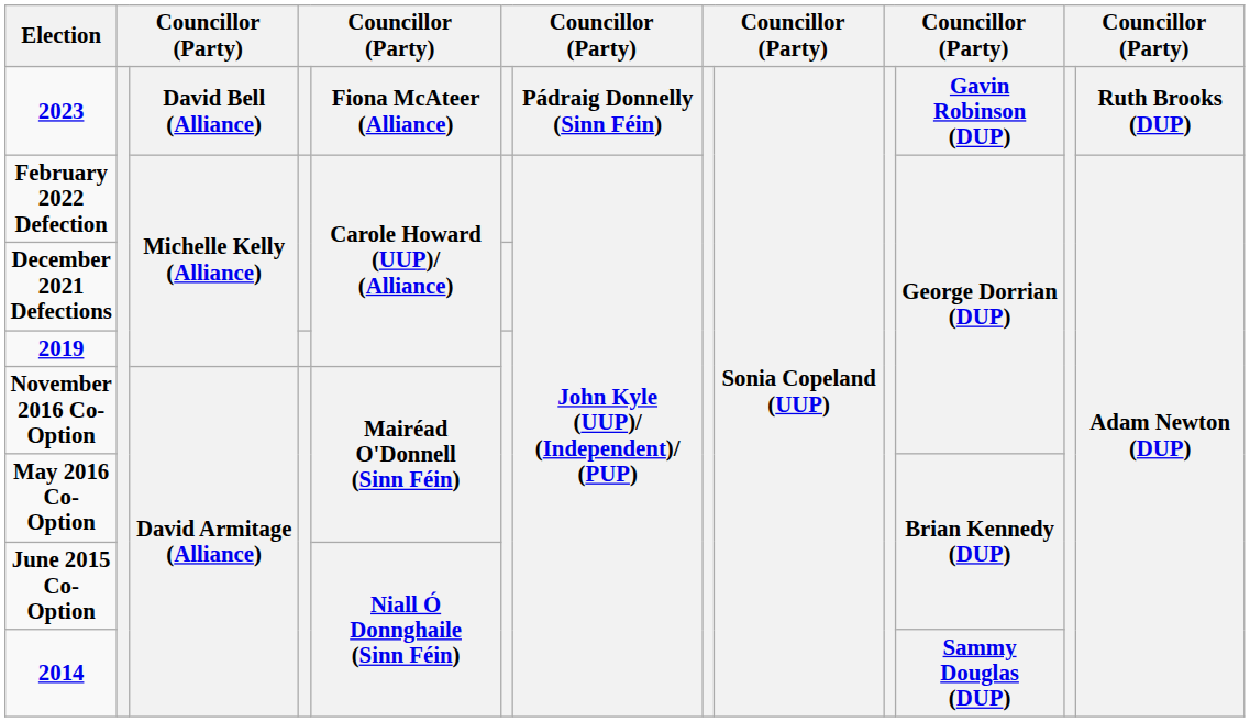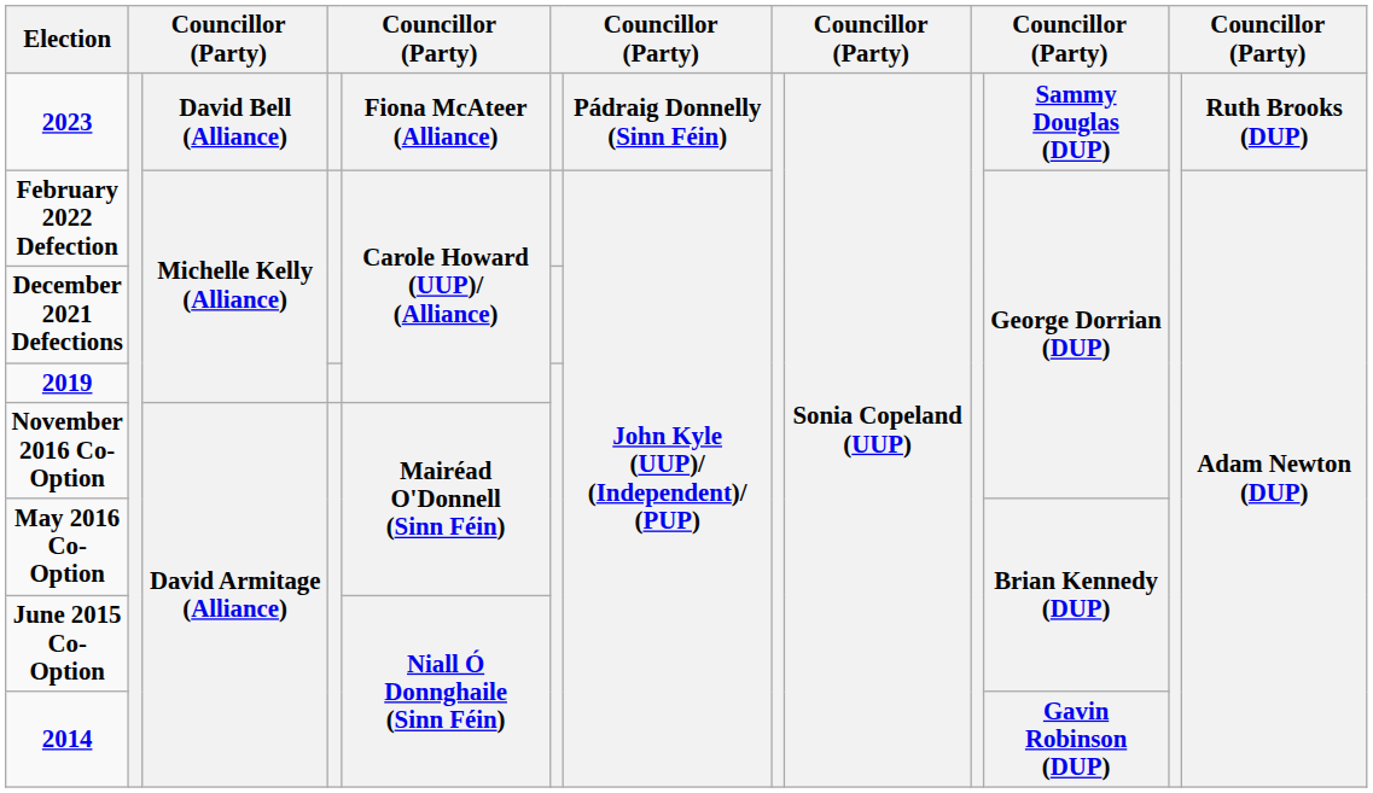 <table class="wikitable" style="text-align:center">
 <tr>
 <th scope="col" width="50">Election</th>
 <th scope="col" width="150" colspan = "2">Councillor<br> (Party)</th>
 <th scope="col" width="150" colspan = "2">Councillor<br> (Party)</th>
 <th scope="col" width="150" colspan = "2">Councillor<br> (Party)</th>
 <th scope="col" width="150" colspan = "2">Councillor<br> (Party)</th>
 <th scope="col" width="150" colspan = "2">Councillor<br> (Party)</th>
 <th scope="col" width="150" colspan = "2">Councillor<br> (Party)</th>
 </tr>
 <tr>
 <td><strong><a href='#'>2023</a></strong></td>
 <th rowspan="8" width="1" style="background-color: "></th>
 <th rowspan="1">David Bell <br> (<a href='#'>Alliance</a>)</th>
 <th rowspan="1" width="1" style="background-color: "></th>
 <th rowspan="1">Fiona McAteer <br> (<a href='#'>Alliance</a>)</th>
 <th rowspan="1" width="1" style="background-color: "></th>
 <th rowspan="1">Pádraig Donnelly <br> (<a href='#'>Sinn Féin</a>)</th>
 <th rowspan="8" width="1" style="background-color: "></th>
 <th rowspan="8">Sonia Copeland <br> (<a href='#'>UUP</a>)</th>
 <th rowspan="8" width="1" style="background-color: "></th>
-<th rowspan = "1"><a href='#'>Gavin Robinson</a> <br> (<a href='#'>DUP</a>)</th>
+<th rowspan="1"><a href='#'>Sammy Douglas</a> <br> (<a href='#'>DUP</a>)</th>
 <th rowspan="8" width="1" style="background-color: "></th>
 <th rowspan="1">Ruth Brooks <br> (<a href='#'>DUP</a>)</th>
 </tr>
 <tr>
 <td><strong>February 2022 Defection</strong></td>
 <th rowspan="3">Michelle Kelly <br> (<a href='#'>Alliance</a>)</th>
 <th rowspan="2" width="1" style="background-color: "></th>
 <th rowspan="3">Carole Howard (<a href='#'>UUP</a>)/ <br> (<a href='#'>Alliance</a>)</th>
 <th rowspan="1" width="1" style="background-color: "></th>
 <th rowspan="7"><a href='#'>John Kyle</a> <br> (<a href='#'>UUP</a>)/ <br> (<a href='#'>Independent</a>)/ <br> (<a href='#'>PUP</a>)</th>
 <th rowspan="4">George Dorrian <br> (<a href='#'>DUP</a>)</th>
 <th rowspan="7">Adam Newton <br> (<a href='#'>DUP</a>)</th>
 </tr>
 <tr>
 <td><strong>December 2021 Defections</strong></td>
 <th rowspan="1" width="1" style="background-color: "></th>
 </tr>
 <tr>
 <td><strong><a href='#'>2019</a></strong></td>
 <th rowspan="1" width="1" style="background-color: "></th>
 <th rowspan="5" width="1" style="background-color: "></th>
 </tr>
 <tr>
 <td><strong>November 2016 Co-Option</strong></td>
 <th rowspan="4">David Armitage <br> (<a href='#'>Alliance</a>)</th>
 <th rowspan="4" width="1" style="background-color: "></th>
 <th rowspan="2">Mairéad O'Donnell <br> (<a href='#'>Sinn Féin</a>)</th>
 </tr>
 <tr>
 <td><strong>May 2016 Co-Option</strong></td>
 <th rowspan = "2">Brian Kennedy <br> (<a href='#'>DUP</a>)</th>
 </tr>
 <tr>
 <td><strong>June 2015 Co-Option</strong></td>
 <th rowspan = "2"><a href='#'>Niall Ó Donnghaile</a> <br> (<a href='#'>Sinn Féin</a>)</th>
 </tr>
 <tr>
 <td><strong><a href='#'>2014</a></strong></td>
-<th rowspan="1"><a href='#'>Sammy Douglas</a> <br> (<a href='#'>DUP</a>)</th>
+<th rowspan = "1"><a href='#'>Gavin Robinson</a> <br> (<a href='#'>DUP</a>)</th>
 </tr>
 </table>
